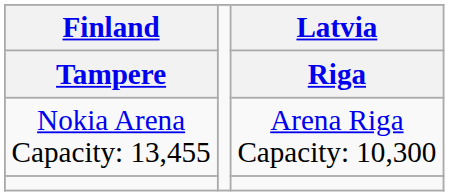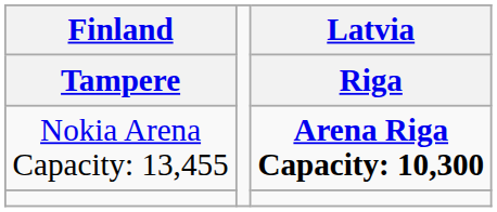 <table class="wikitable" style="text-align:center;">
 <tr>
 <th> <a href='#'>Finland</a></th>
 <td rowspan="4"></td>
 <th> <a href='#'>Latvia</a></th>
 </tr>
 <tr>
 <th> <a href='#'>Tampere</a></th>
 <th> <a href='#'>Riga</a></th>
 </tr>
 <tr>
 <td><a href='#'>Nokia Arena</a><br>Capacity: 13,455</td>
-<td><a href='#'>Arena Riga</a><br>Capacity: 10,300</td>
+<td><strong><a href='#'>Arena Riga</a><br>Capacity: 10,300</strong></td>
 </tr>
 <tr>
 <td></td>
 <td></td>
 </tr>
 </table>
